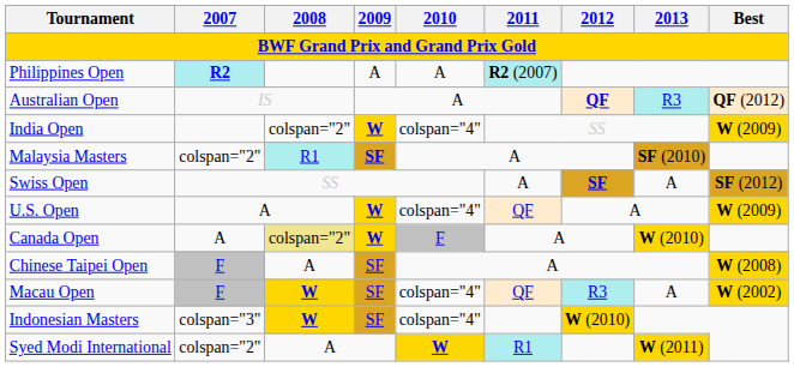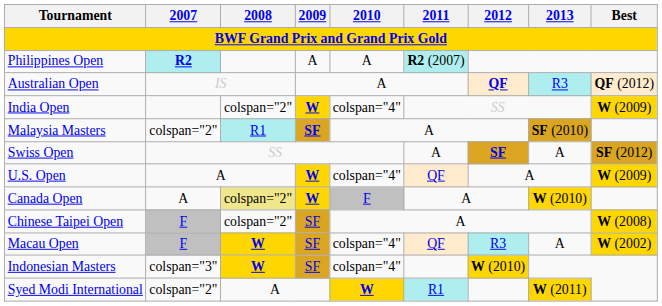 <table class="wikitable" style="font-size: 90%; text-align:center">
 <tr>
 <th>Tournament</th>
 <th><a href='#'>2007</a></th>
 <th><a href='#'>2008</a></th>
 <th><a href='#'>2009</a></th>
 <th><a href='#'>2010</a></th>
 <th><a href='#'>2011</a></th>
 <th><a href='#'>2012</a></th>
 <th><a href='#'>2013</a></th>
 <th>Best</th>
 </tr>
 <tr bgcolor=FFD700>
 <td colspan="9" align=center><strong><a href='#'>BWF Grand Prix and Grand Prix Gold</a></strong></td>
 </tr>
 <tr>
 <td align=left><a href='#'>Philippines Open</a></td>
 <td bgcolor=AFEEEE><a href='#'><strong>R2</strong></a></td>
 <td></td>
 <td>A</td>
 <td>A</td>
 <td bgcolor=AFEEEE><strong>R2</strong> (2007)</td>
 </tr>
 <tr>
 <td align=left><a href='#'>Australian Open</a></td>
 <td colspan="2" style=color:#ccc><em>IS</em></td>
 <td colspan="3">A</td>
 <td bgcolor=FFEBCD><a href='#'><strong>QF</strong></a></td>
 <td bgcolor=AFEEEE><a href='#'>R3</a></td>
 <td bgcolor=FFEBCD><strong>QF</strong> (2012)</td>
 </tr>
 <tr>
 <td align=left><a href='#'>India Open</a></td>
 <td></td>
 <td>colspan="2" </td>
 <td bgcolor=Gold><a href='#'><strong>W</strong></a></td>
 <td>colspan="4" </td>
 <td colspan="3" style=color:#ccc><em>SS</em></td>
 <td bgcolor=Gold><strong>W</strong> (2009)</td>
 </tr>
 <tr>
 <td align=left><a href='#'>Malaysia Masters</a></td>
 <td>colspan="2" </td>
 <td bgcolor=AFEEEE><a href='#'>R1</a></td>
 <td bgcolor=DAA520><a href='#'><strong>SF</strong></a></td>
 <td colspan="3">A</td>
 <td bgcolor=DAA520><strong>SF</strong> (2010)</td>
 </tr>
 <tr>
 <td align=left><a href='#'>Swiss Open</a></td>
 <td colspan="4" style=color:#ccc><em>SS</em></td>
 <td>A</td>
 <td bgcolor=DAA520><a href='#'><strong>SF</strong></a></td>
 <td>A</td>
 <td bgcolor=DAA520><strong>SF</strong> (2012)</td>
 </tr>
 <tr>
 <td align=left><a href='#'>U.S. Open</a></td>
 <td colspan="2">A</td>
 <td bgcolor=Gold><a href='#'><strong>W</strong></a></td>
 <td>colspan="4" </td>
 <td bgcolor=FFEBCD><a href='#'>QF</a></td>
 <td colspan="2">A</td>
 <td bgcolor=Gold><strong>W</strong> (2009)</td>
 </tr>
 <tr>
 <td align=left><a href='#'>Canada Open</a></td>
 <td>A</td>
 <td style="background: khaki;">colspan="2" </td>
 <td bgcolor=Gold><a href='#'><strong>W</strong></a></td>
 <td bgcolor=Silver><a href='#'>F</a></td>
 <td colspan="2">A</td>
 <td bgcolor=Gold><strong>W</strong> (2010)</td>
 </tr>
 <tr>
 <td align=left><a href='#'>Chinese Taipei Open</a></td>
 <td bgcolor=Silver><a href='#'>F</a></td>
-<td>A</td>
+<td>colspan="2" </td>
 <td bgcolor=DAA520><a href='#'>SF</a></td>
 <td colspan="4">A</td>
 <td bgcolor=Gold><strong>W</strong> (2008)</td>
 </tr>
 <tr>
 <td align=left><a href='#'>Macau Open</a></td>
 <td bgcolor=Silver><a href='#'>F</a></td>
 <td bgcolor=Gold><a href='#'><strong>W</strong></a></td>
 <td bgcolor=DAA520><a href='#'>SF</a></td>
 <td>colspan="4" </td>
 <td bgcolor=FFEBCD><a href='#'>QF</a></td>
 <td bgcolor=AFEEEE><a href='#'>R3</a></td>
 <td>A</td>
 <td bgcolor=Gold><strong>W</strong> (2002)</td>
 </tr>
 <tr>
 <td align=left><a href='#'>Indonesian Masters</a></td>
 <td>colspan="3" </td>
 <td bgcolor=gold><a href='#'><strong>W</strong></a></td>
 <td bgcolor=DAA520><a href='#'>SF</a></td>
 <td>colspan="4" </td>
 <td></td>
 <td bgcolor=gold><strong>W</strong> (2010)</td>
 </tr>
 <tr>
 <td align=left><a href='#'>Syed Modi International</a></td>
 <td>colspan="2" </td>
 <td colspan="2">A</td>
 <td bgcolor=Gold><a href='#'><strong>W</strong></a></td>
 <td bgcolor=AFEEEE><a href='#'>R1</a></td>
 <td></td>
 <td bgcolor=Gold><strong>W</strong> (2011)</td>
 </tr>
 </table>
